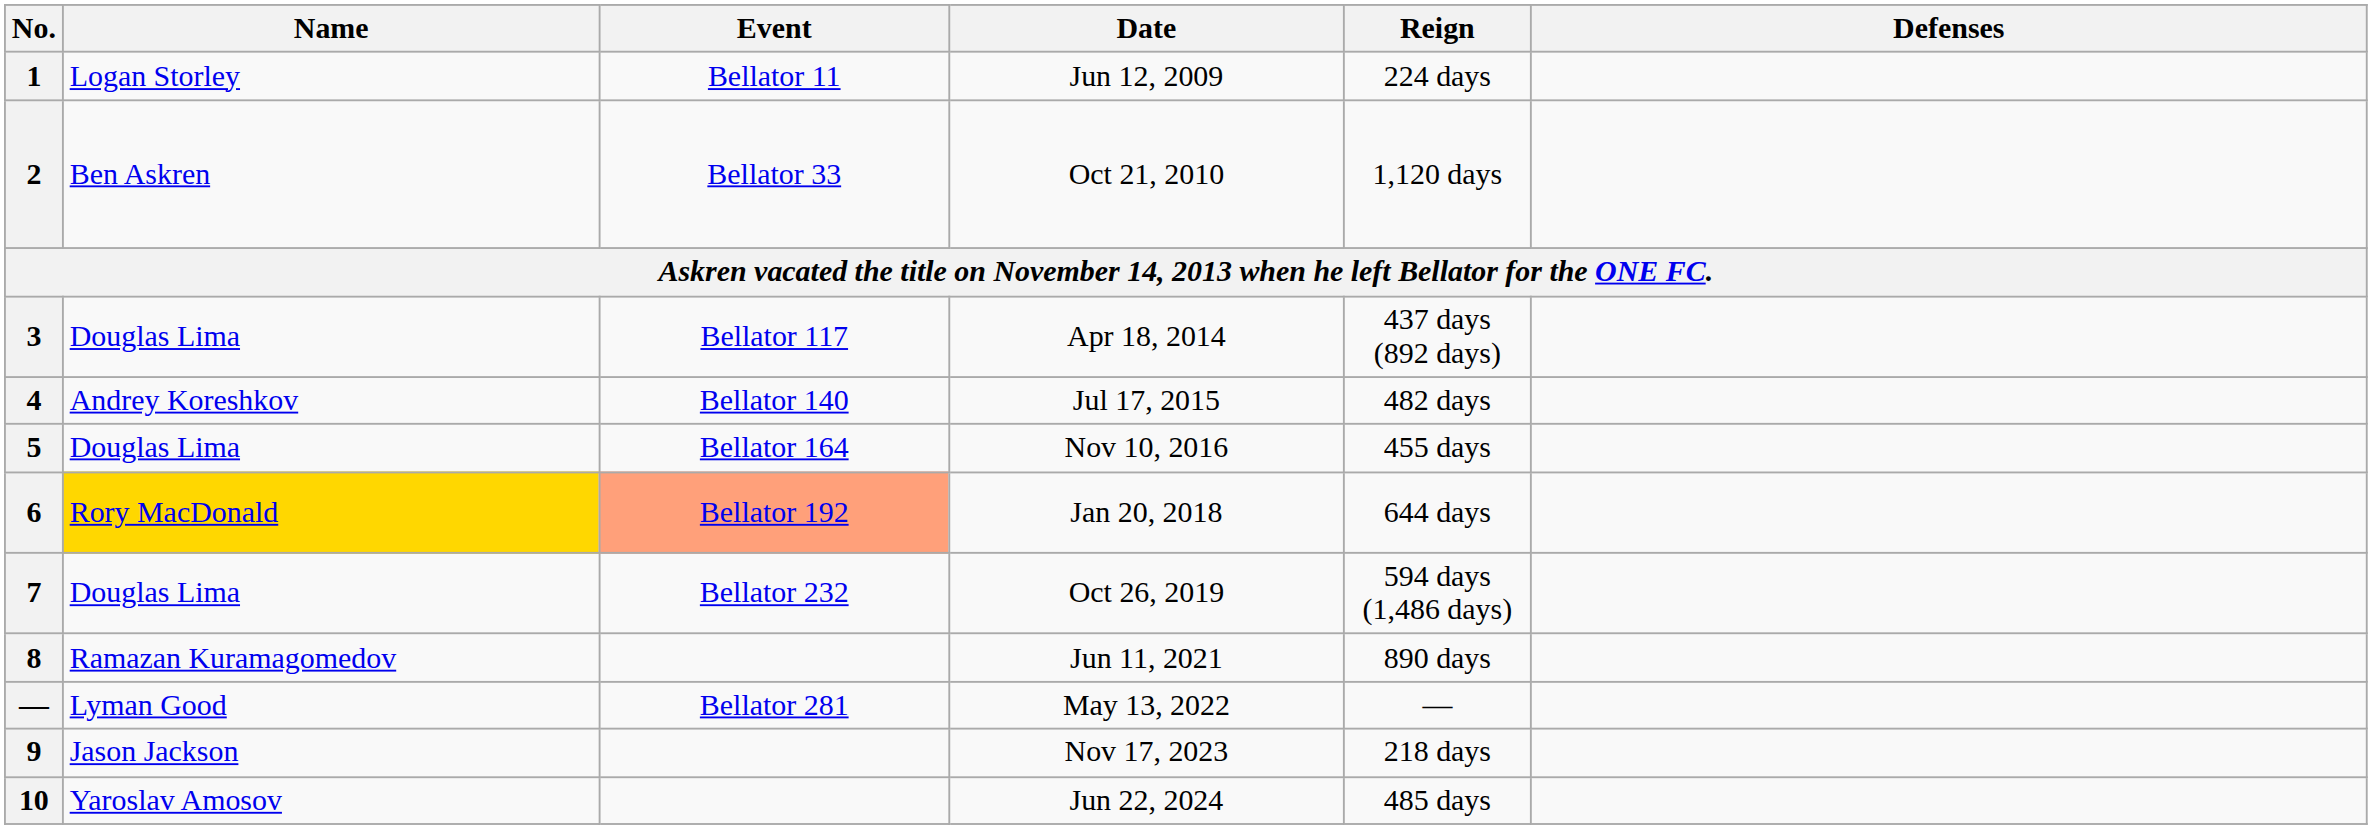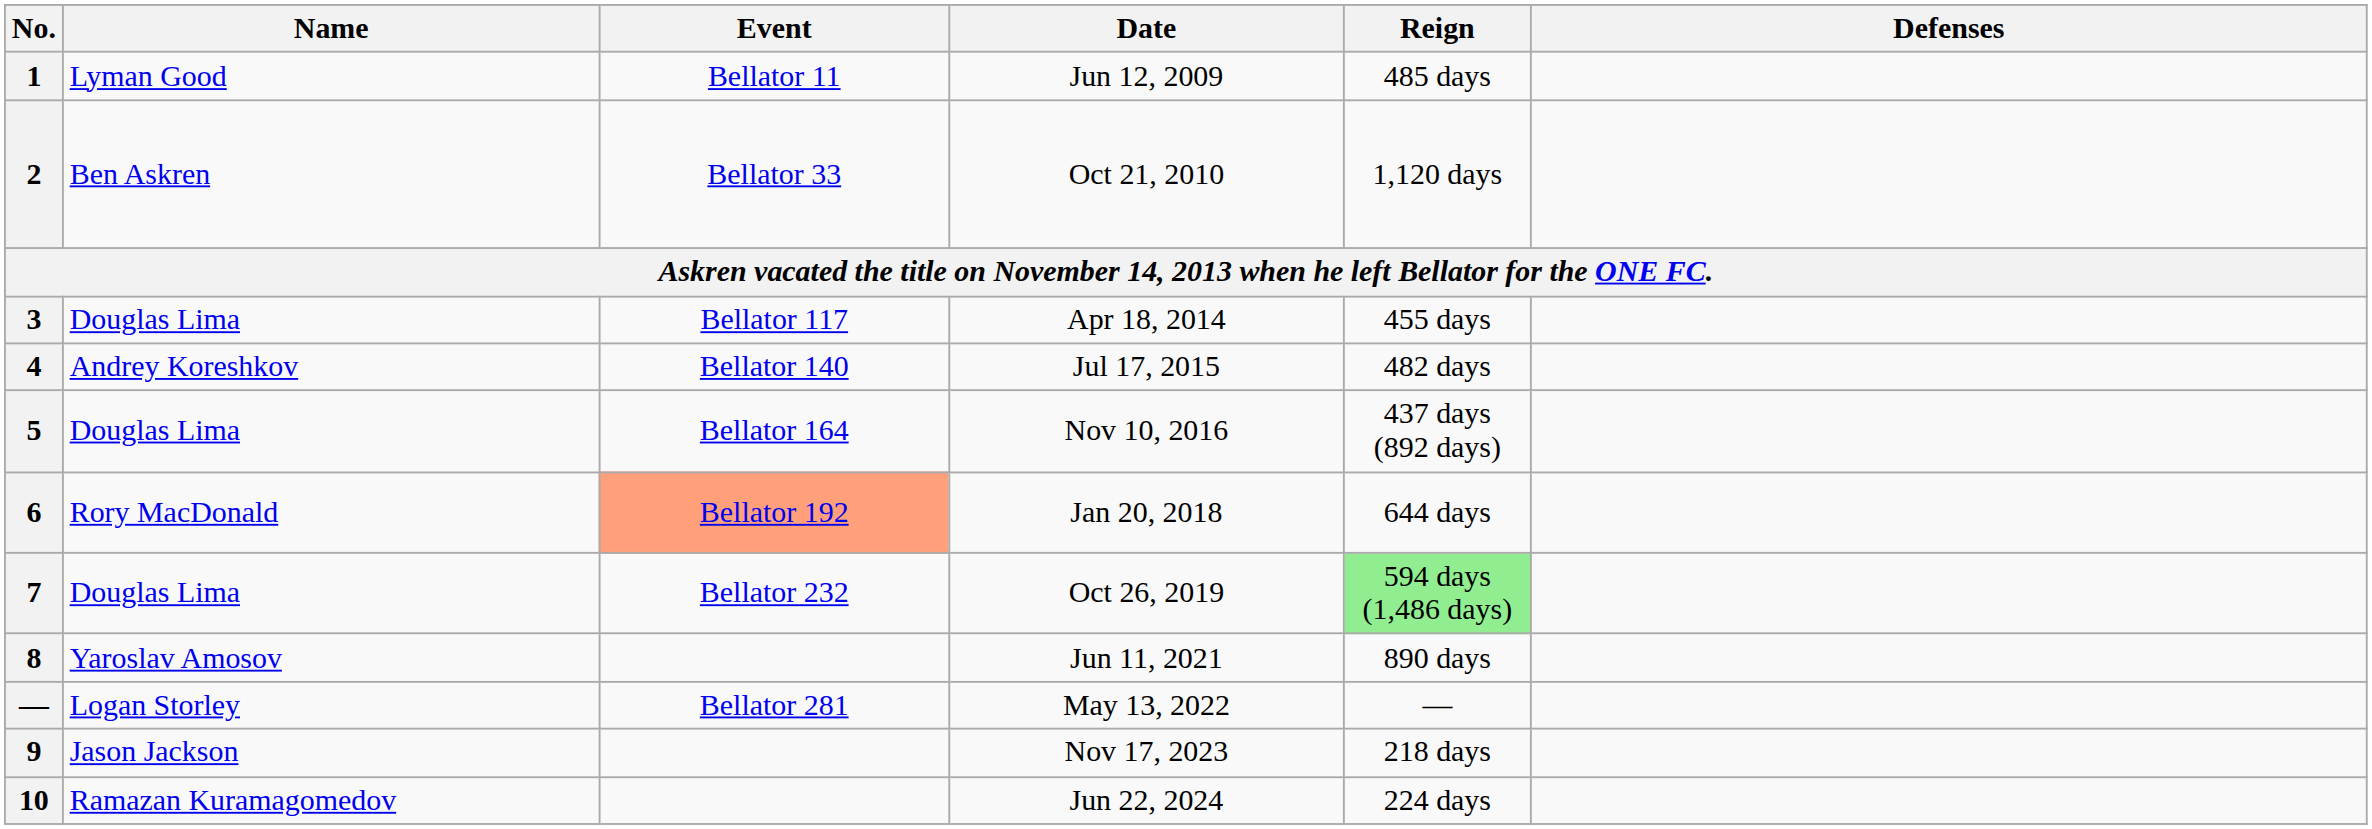 <table class="wikitable" width=100% style="text-align: center;">
 <tr>
 <th width=1%>No.</th>
 <th width=23%>Name</th>
 <th width=15%>Event</th>
 <th width=17%>Date</th>
 <th width=8%>Reign</th>
 <th width=36%>Defenses</th>
 </tr>
 <tr>
 <th>1</th>
-<td align=left> <a href='#'>Logan Storley</a><br></td>
+<td align=left> <a href='#'>Lyman Good</a><br></td>
 <td><a href='#'>Bellator 11</a><br></td>
 <td>Jun 12, 2009</td>
-<td>224 days</td>
+<td>485 days</td>
 <td></td>
 </tr>
 <tr>
 <th>2</th>
 <td align=left> <a href='#'>Ben Askren</a></td>
 <td><a href='#'>Bellator 33</a><br></td>
 <td>Oct 21, 2010</td>
 <td>1,120 days</td>
 <td align=left><br><br> <br> <br> </td>
 </tr>
 <tr>
 <th colspan=6><em>Askren vacated the title on November 14, 2013 when he left Bellator for the <a href='#'>ONE FC</a>.</em></th>
 </tr>
 <tr>
 <th>3</th>
 <td align=left> <a href='#'>Douglas Lima</a><br></td>
 <td><a href='#'>Bellator 117</a><br></td>
 <td>Apr 18, 2014</td>
-<td>437 days<br>(892 days)</td>
+<td>455 days</td>
 <td></td>
 </tr>
 <tr>
 <th>4</th>
 <td align=left> <a href='#'>Andrey Koreshkov</a></td>
 <td><a href='#'>Bellator 140</a><br></td>
 <td>Jul 17, 2015</td>
 <td>482 days</td>
 <td align=left><br></td>
 </tr>
 <tr>
 <th>5</th>
 <td align=left> <a href='#'>Douglas Lima</a> </td>
 <td><a href='#'>Bellator 164</a><br></td>
 <td>Nov 10, 2016</td>
-<td>455 days</td>
+<td>437 days<br>(892 days)</td>
 <td align=left><br></td>
 </tr>
 <tr>
 <th>6</th>
-<td align=left style="background: gold;"> <a href='#'>Rory MacDonald</a></td>
+<td align=left> <a href='#'>Rory MacDonald</a></td>
 <td style="background: lightsalmon;"><a href='#'>Bellator 192</a><br></td>
 <td>Jan 20, 2018</td>
 <td>644 days</td>
 <td align=left><br><br> </td>
 </tr>
 <tr>
 <th>7</th>
 <td align=left> <a href='#'>Douglas Lima</a> </td>
 <td><a href='#'>Bellator 232</a><br></td>
 <td>Oct 26, 2019</td>
-<td>594 days<br>(1,486 days)</td>
+<td style="background: lightgreen;">594 days<br>(1,486 days)</td>
 <td></td>
 </tr>
 <tr>
 <th>8</th>
-<td align=left> <a href='#'>Ramazan Kuramagomedov</a></td>
+<td align=left> <a href='#'>Yaroslav Amosov</a></td>
 <td><br></td>
 <td>Jun 11, 2021</td>
 <td>890 days</td>
 <td align=left><br></td>
 </tr>
 <tr>
 <th>—</th>
-<td align=left> <a href='#'>Lyman Good</a><br></td>
+<td align=left> <a href='#'>Logan Storley</a><br></td>
 <td><a href='#'>Bellator 281</a><br></td>
 <td>May 13, 2022</td>
 <td>—</td>
 <td></td>
 </tr>
 <tr>
 <th>9</th>
 <td align=left> <a href='#'>Jason Jackson</a></td>
 <td><br></td>
 <td>Nov 17, 2023</td>
 <td>218 days</td>
 <td></td>
 </tr>
 <tr>
 <th>10</th>
-<td align=left> <a href='#'>Yaroslav Amosov</a></td>
+<td align=left> <a href='#'>Ramazan Kuramagomedov</a></td>
 <td><br></td>
 <td>Jun 22, 2024</td>
-<td>485 days</td>
+<td>224 days</td>
 <td></td>
 </tr>
 </table>
